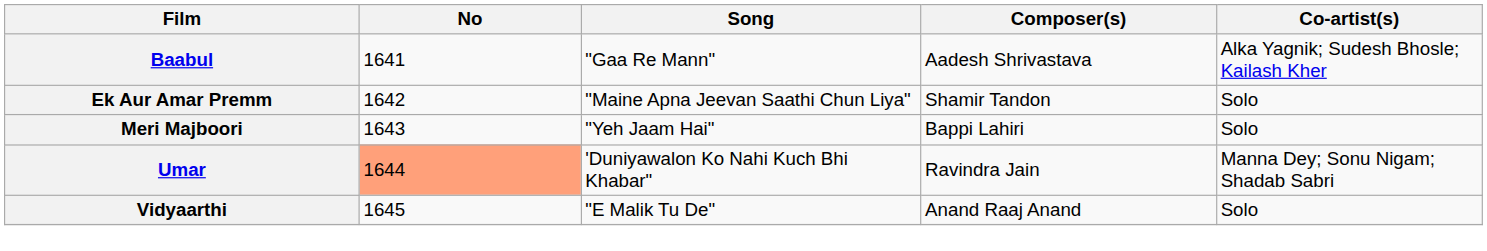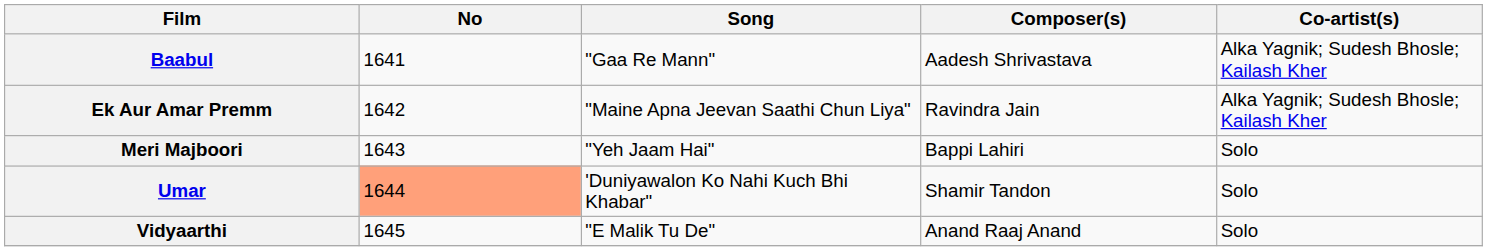 <table class="wikitable plainrowheaders" style="width:100%; textcolor:#000">
 <tr>
 <th scope="col" style="width:24%;">Film</th>
 <th>No</th>
 <th scope="col" style="width:23%;">Song</th>
 <th scope="col" style="width:20%;">Composer(s)</th>
 <th scope="col" style="width:18%;">Co-artist(s)</th>
 </tr>
 <tr>
 <th><a href='#'>Baabul</a></th>
 <td>1641</td>
 <td>"Gaa Re Mann"</td>
 <td>Aadesh Shrivastava</td>
 <td>Alka Yagnik;  Sudesh Bhosle; <a href='#'>Kailash Kher</a></td>
 </tr>
 <tr>
 <th>Ek Aur Amar Premm</th>
 <td>1642</td>
 <td>"Maine Apna Jeevan Saathi Chun Liya"</td>
-<td>Shamir Tandon</td>
-<td>Solo</td>
+<td>Ravindra Jain</td>
+<td>Alka Yagnik;  Sudesh Bhosle; <a href='#'>Kailash Kher</a></td>
 </tr>
 <tr>
 <th>Meri Majboori</th>
 <td>1643</td>
 <td>"Yeh Jaam Hai"</td>
 <td>Bappi Lahiri</td>
 <td>Solo</td>
 </tr>
 <tr>
 <th><a href='#'>Umar</a></th>
 <td style="background: lightsalmon;">1644</td>
 <td>'Duniyawalon Ko Nahi Kuch Bhi Khabar"</td>
-<td>Ravindra Jain</td>
-<td>Manna Dey; Sonu Nigam;  Shadab Sabri</td>
+<td>Shamir Tandon</td>
+<td>Solo</td>
 </tr>
 <tr>
 <th>Vidyaarthi</th>
 <td>1645</td>
 <td>"E Malik Tu De"</td>
 <td>Anand Raaj Anand</td>
 <td>Solo</td>
 </tr>
 <tr>
 </tr>
 </table>
